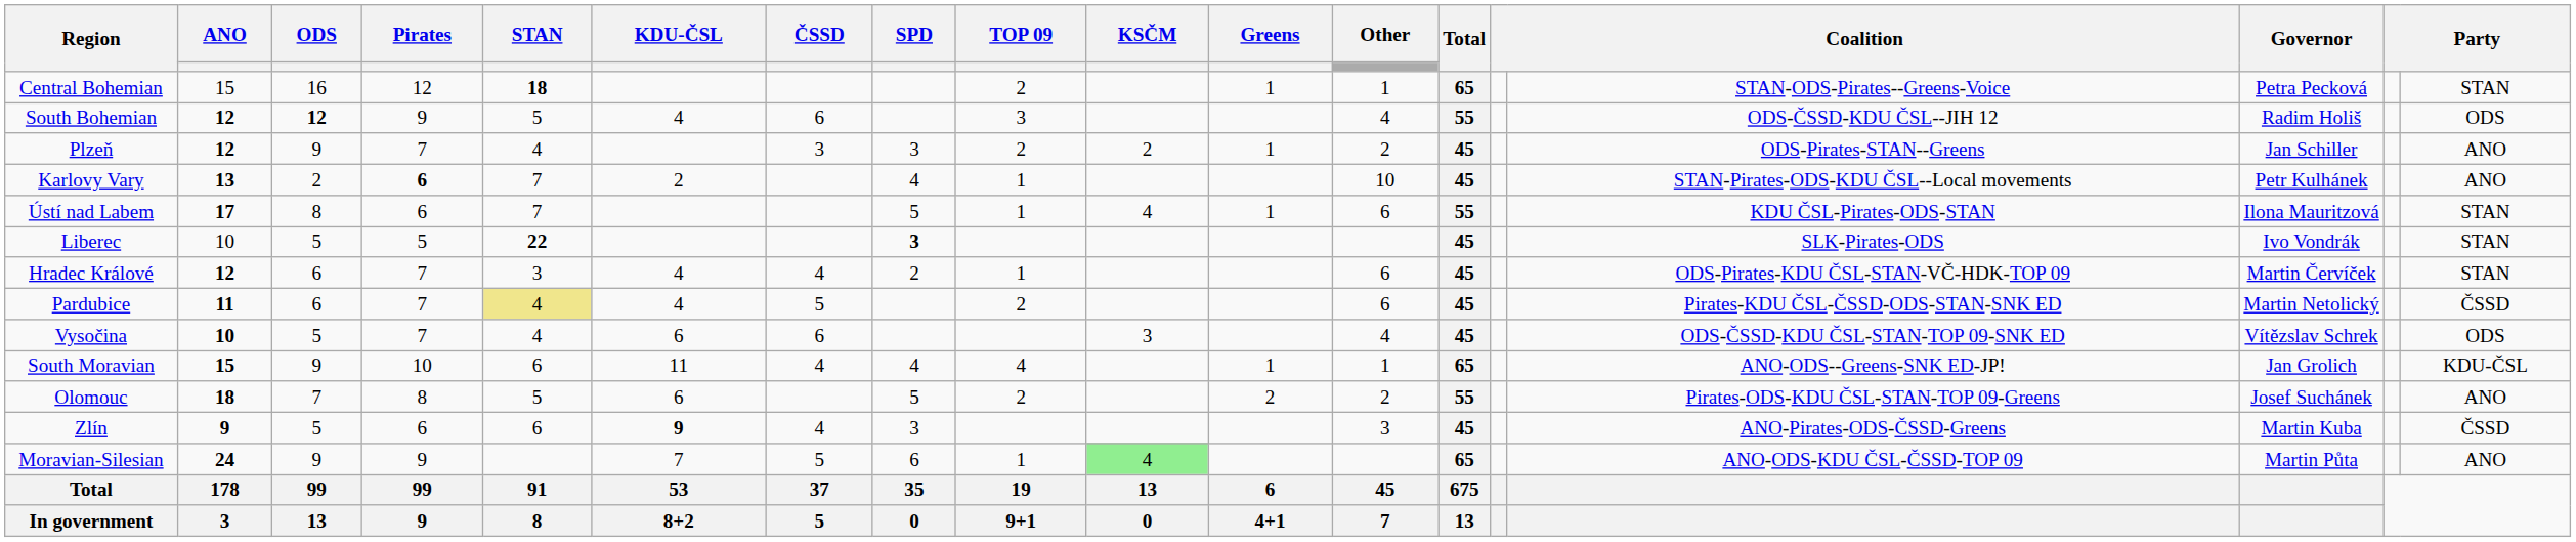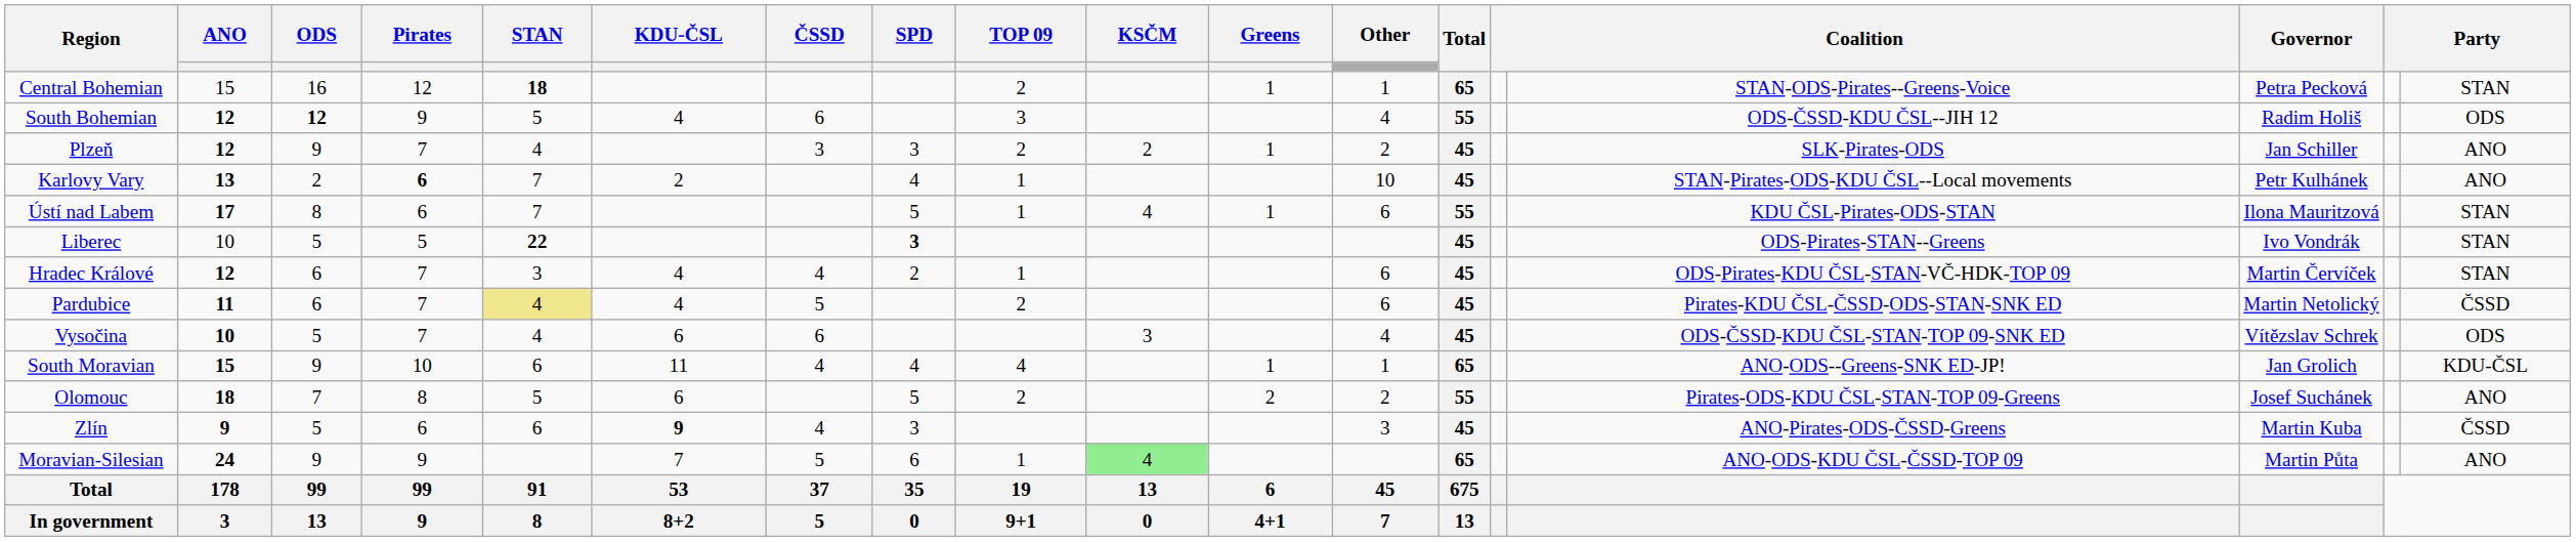 <table class="wikitable" style="text-align:center; font-size:90%; line-height:16px; width:95%">
 <tr style="height:42px;">
 <th style="width:120px;" rowspan="2">Region</th>
 <th><a href='#'><span>ANO</span></a></th>
 <th><a href='#'><span>ODS</span></a></th>
 <th><a href='#'><span>Pirates</span></a></th>
 <th><a href='#'><span>STAN</span></a></th>
 <th><a href='#'><span>KDU-ČSL</span></a></th>
 <th><a href='#'><span>ČSSD</span></a></th>
 <th><a href='#'><span>SPD</span></a></th>
 <th><a href='#'><span>TOP 09</span></a></th>
 <th><a href='#'><span>KSČM</span></a></th>
 <th><a href='#'><span>Greens</span></a></th>
 <th><span>Other</span></th>
 <th style="width:20px;" rowspan="2">Total</th>
 <th style="width:180px;" rowspan="2" colspan="2">Coalition</th>
 <th style="width:100px;" rowspan="2">Governor</th>
 <th style="width:20px;" rowspan="2" colspan="2">Party</th>
 </tr>
 <tr>
 <th style="color:inherit;background:"></th>
 <th style="color:inherit;background:"></th>
 <th style="color:inherit;background:"></th>
 <th style="color:inherit;background:"></th>
 <th style="color:inherit;background:"></th>
 <th style="color:inherit;background:"></th>
 <th style="color:inherit;background:"></th>
 <th style="color:inherit;background:"></th>
 <th style="color:inherit;background:"></th>
 <th style="color:inherit;background:"></th>
 <th style="color:inherit;background:#ABABAB;"></th>
 </tr>
 <tr>
 <td><a href='#'>Central Bohemian</a></td>
 <td>15</td>
 <td>16</td>
 <td>12</td>
 <td><strong>18</strong></td>
 <td></td>
 <td></td>
 <td></td>
 <td>2</td>
 <td></td>
 <td>1</td>
 <td>1</td>
 <th>65</th>
 <td style="background:"></td>
 <td><a href='#'>STAN</a>-<a href='#'>ODS</a>-<a href='#'>Pirates</a>--<a href='#'>Greens</a>-<a href='#'>Voice</a></td>
 <td><a href='#'>Petra Pecková</a></td>
 <td style="background:"></td>
 <td>STAN</td>
 </tr>
 <tr>
 <td><a href='#'>South Bohemian</a></td>
 <td><strong>12</strong></td>
 <td><strong>12</strong></td>
 <td>9</td>
 <td>5</td>
 <td>4</td>
 <td>6</td>
 <td></td>
 <td>3</td>
 <td></td>
 <td></td>
 <td>4</td>
 <th>55</th>
 <td style="background:"></td>
 <td><a href='#'>ODS</a>-<a href='#'>ČSSD</a>-<a href='#'>KDU ČSL</a>--JIH 12</td>
 <td><a href='#'>Radim Holiš</a></td>
 <td style="background:"></td>
 <td>ODS</td>
 </tr>
 <tr>
 <td><a href='#'>Plzeň</a></td>
 <td><strong>12</strong></td>
 <td>9</td>
 <td>7</td>
 <td>4</td>
 <td></td>
 <td>3</td>
 <td>3</td>
 <td>2</td>
 <td>2</td>
 <td>1</td>
 <td>2</td>
 <th>45</th>
 <td style="background:"></td>
-<td><a href='#'>ODS</a>-<a href='#'>Pirates</a>-<a href='#'>STAN</a>--<a href='#'>Greens</a></td>
+<td><a href='#'>SLK</a>-<a href='#'>Pirates</a>-<a href='#'>ODS</a></td>
 <td><a href='#'>Jan Schiller</a></td>
 <td style="background:"></td>
 <td>ANO</td>
 </tr>
 <tr>
 <td><a href='#'>Karlovy Vary</a></td>
 <td><strong>13</strong></td>
 <td>2</td>
 <td><strong>6</strong></td>
 <td>7</td>
 <td>2</td>
 <td></td>
 <td>4</td>
 <td>1</td>
 <td></td>
 <td></td>
 <td>10</td>
 <th>45</th>
 <td style="background:"></td>
 <td><a href='#'>STAN</a>-<a href='#'>Pirates</a>-<a href='#'>ODS</a>-<a href='#'>KDU ČSL</a>--Local movements</td>
 <td><a href='#'>Petr Kulhánek</a></td>
 <td style="background:"></td>
 <td>ANO</td>
 </tr>
 <tr>
 <td><a href='#'>Ústí nad Labem</a></td>
 <td><strong>17</strong></td>
 <td>8</td>
 <td>6</td>
 <td>7</td>
 <td></td>
 <td></td>
 <td>5</td>
 <td>1</td>
 <td>4</td>
 <td>1</td>
 <td>6</td>
 <th>55</th>
 <td style="background:"></td>
 <td><a href='#'>KDU ČSL</a>-<a href='#'>Pirates</a>-<a href='#'>ODS</a>-<a href='#'>STAN</a></td>
 <td><a href='#'>Ilona Mauritzová</a></td>
 <td style="background:"></td>
 <td>STAN</td>
 </tr>
 <tr>
 <td><a href='#'>Liberec</a></td>
 <td>10</td>
 <td>5</td>
 <td>5</td>
 <td><strong>22</strong></td>
 <td></td>
 <td></td>
 <td><strong>3</strong></td>
 <td></td>
 <td></td>
 <td></td>
 <td></td>
 <th>45</th>
 <td style="background:"></td>
-<td><a href='#'>SLK</a>-<a href='#'>Pirates</a>-<a href='#'>ODS</a></td>
+<td><a href='#'>ODS</a>-<a href='#'>Pirates</a>-<a href='#'>STAN</a>--<a href='#'>Greens</a></td>
 <td><a href='#'>Ivo Vondrák</a></td>
 <td style="background:"></td>
 <td>STAN</td>
 </tr>
 <tr>
 <td><a href='#'>Hradec Králové</a></td>
 <td><strong>12</strong></td>
 <td>6</td>
 <td>7</td>
 <td>3</td>
 <td>4</td>
 <td>4</td>
 <td>2</td>
 <td>1</td>
 <td></td>
 <td></td>
 <td>6</td>
 <th>45</th>
 <td style="background:"></td>
 <td><a href='#'>ODS</a>-<a href='#'>Pirates</a>-<a href='#'>KDU ČSL</a>-<a href='#'>STAN</a>-VČ-HDK-<a href='#'>TOP 09</a></td>
 <td><a href='#'>Martin Červíček</a></td>
 <td style="background:"></td>
 <td>STAN</td>
 </tr>
 <tr>
 <td><a href='#'>Pardubice</a></td>
 <td><strong>11</strong></td>
 <td>6</td>
 <td>7</td>
 <td style="background: khaki;">4</td>
 <td>4</td>
 <td>5</td>
 <td></td>
 <td>2</td>
 <td></td>
 <td></td>
 <td>6</td>
 <th>45</th>
 <td style="background:"></td>
 <td><a href='#'>Pirates</a>-<a href='#'>KDU ČSL</a>-<a href='#'>ČSSD</a>-<a href='#'>ODS</a>-<a href='#'>STAN</a>-<a href='#'>SNK ED</a></td>
 <td><a href='#'>Martin Netolický</a></td>
 <td style="background:"></td>
 <td>ČSSD</td>
 </tr>
 <tr>
 <td><a href='#'>Vysočina</a></td>
 <td><strong>10</strong></td>
 <td>5</td>
 <td>7</td>
 <td>4</td>
 <td>6</td>
 <td>6</td>
 <td></td>
 <td></td>
 <td>3</td>
 <td></td>
 <td>4</td>
 <th>45</th>
 <td style="background:"></td>
 <td><a href='#'>ODS</a>-<a href='#'>ČSSD</a>-<a href='#'>KDU ČSL</a>-<a href='#'>STAN</a>-<a href='#'>TOP 09</a>-<a href='#'>SNK ED</a></td>
 <td><a href='#'>Vítězslav Schrek</a></td>
 <td style="background:"></td>
 <td>ODS</td>
 </tr>
 <tr>
 <td><a href='#'>South Moravian</a></td>
 <td><strong>15</strong></td>
 <td>9</td>
 <td>10</td>
 <td>6</td>
 <td>11</td>
 <td>4</td>
 <td>4</td>
 <td>4</td>
 <td></td>
 <td>1</td>
 <td>1</td>
 <th>65</th>
 <td style="background:"></td>
 <td><a href='#'>ANO</a>-<a href='#'>ODS</a>--<a href='#'>Greens</a>-<a href='#'>SNK ED</a>-JP!</td>
 <td><a href='#'>Jan Grolich</a></td>
 <td style="background:"></td>
 <td>KDU-ČSL</td>
 </tr>
 <tr>
 <td><a href='#'>Olomouc</a></td>
 <td><strong>18</strong></td>
 <td>7</td>
 <td>8</td>
 <td>5</td>
 <td>6</td>
 <td></td>
 <td>5</td>
 <td>2</td>
 <td></td>
 <td>2</td>
 <td>2</td>
 <th>55</th>
 <td style="background:"></td>
 <td><a href='#'>Pirates</a>-<a href='#'>ODS</a>-<a href='#'>KDU ČSL</a>-<a href='#'>STAN</a>-<a href='#'>TOP 09</a>-<a href='#'>Greens</a></td>
 <td><a href='#'>Josef Suchánek</a></td>
 <td style="background:"></td>
 <td>ANO</td>
 </tr>
 <tr>
 <td><a href='#'>Zlín</a></td>
 <td><strong>9</strong></td>
 <td>5</td>
 <td>6</td>
 <td>6</td>
 <td><strong>9</strong></td>
 <td>4</td>
 <td>3</td>
 <td></td>
 <td></td>
 <td></td>
 <td>3</td>
 <th>45</th>
 <td style="background:"></td>
 <td><a href='#'>ANO</a>-<a href='#'>Pirates</a>-<a href='#'>ODS</a>-<a href='#'>ČSSD</a>-<a href='#'>Greens</a></td>
 <td><a href='#'>Martin Kuba</a></td>
 <td style="background:"></td>
 <td>ČSSD</td>
 </tr>
 <tr>
 <td><a href='#'>Moravian-Silesian</a></td>
 <td><strong>24</strong></td>
 <td>9</td>
 <td>9</td>
 <td></td>
 <td>7</td>
 <td>5</td>
 <td>6</td>
 <td>1</td>
 <td style="background: lightgreen;">4</td>
 <td></td>
 <td></td>
 <th>65</th>
 <td style="background:"></td>
 <td><a href='#'>ANO</a>-<a href='#'>ODS</a>-<a href='#'>KDU ČSL</a>-<a href='#'>ČSSD</a>-<a href='#'>TOP 09</a></td>
 <td><a href='#'>Martin Půta</a></td>
 <td style="background:"></td>
 <td>ANO</td>
 </tr>
 <tr>
 <th>Total</th>
 <th>178</th>
 <th>99</th>
 <th>99</th>
 <th>91</th>
 <th>53</th>
 <th>37</th>
 <th>35</th>
 <th>19</th>
 <th>13</th>
 <th>6</th>
 <th>45</th>
 <th>675</th>
 <th></th>
 <th></th>
 <th></th>
 </tr>
 <tr>
 <th>In government</th>
 <th>3</th>
 <th>13</th>
 <th>9</th>
 <th>8</th>
 <th>8+2</th>
 <th>5</th>
 <th>0</th>
 <th>9+1</th>
 <th>0</th>
 <th>4+1</th>
 <th>7</th>
 <th>13</th>
 <th></th>
 <th></th>
 <th></th>
 </tr>
 </table>
